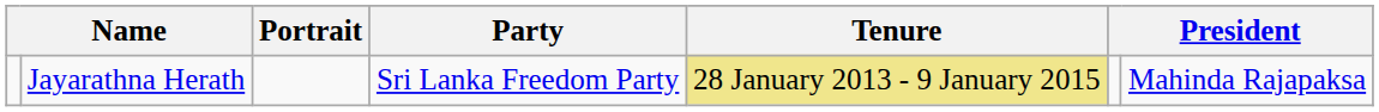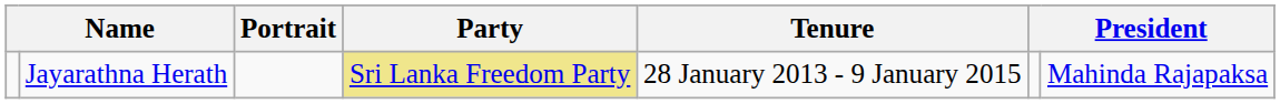 <table class="wikitable" style="margin:1em auto; font-size:90%; text-align:center;">
 <tr>
 <th colspan="2">Name</th>
 <th>Portrait</th>
 <th>Party</th>
 <th>Tenure</th>
 <th colspan="2"><a href='#'>President</a></th>
 </tr>
 <tr>
 <td !align="center" style="background:"></td>
 <td><a href='#'>Jayarathna Herath</a></td>
 <td></td>
-<td><a href='#'>Sri Lanka Freedom Party</a></td>
-<td style="background: khaki;">28 January 2013 - 9 January 2015</td>
+<td style="background: khaki;"><a href='#'>Sri Lanka Freedom Party</a></td>
+<td>28 January 2013 - 9 January 2015</td>
 <td !align="center" style="background:"></td>
 <td><a href='#'>Mahinda Rajapaksa</a></td>
 </tr>
 </table>
